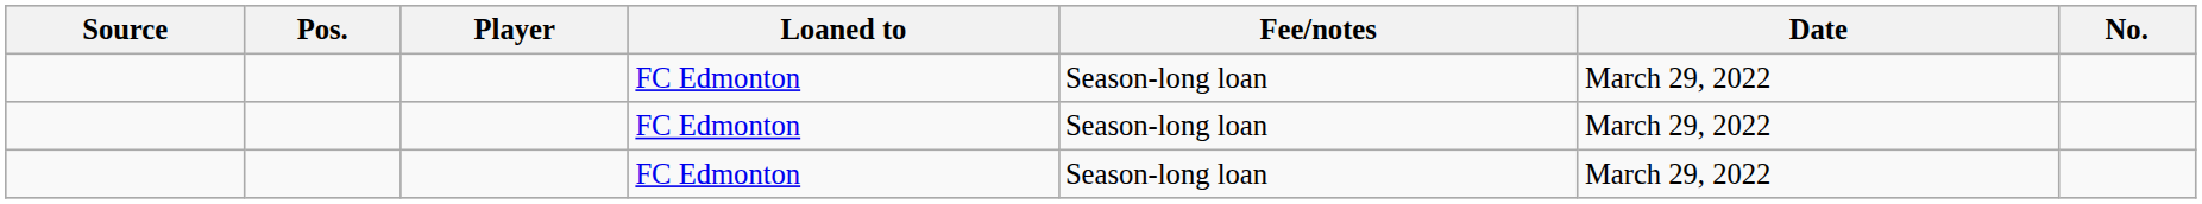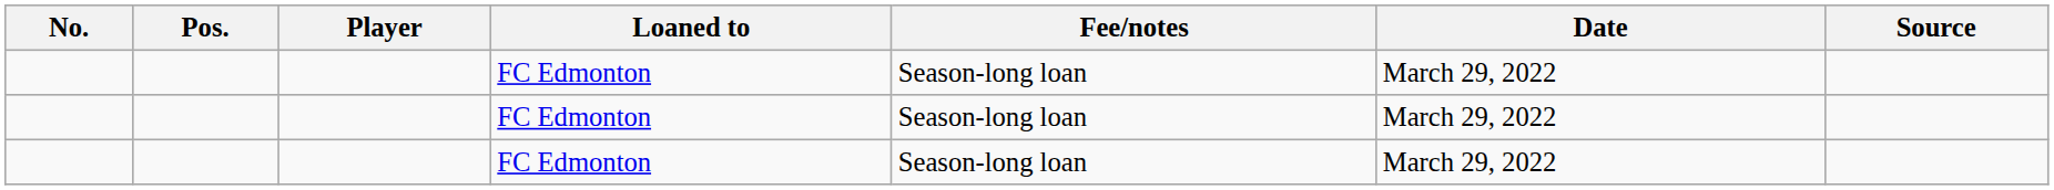 <table class="wikitable sortable" style="width:90%; text-align:center; font-size:95%; text-align:left;">
 <tr>
-<th>Source</th>
+<th>No.</th>
 <th>Pos.</th>
 <th>Player</th>
 <th>Loaned to</th>
 <th>Fee/notes</th>
 <th>Date</th>
-<th>No.</th>
+<th>Source</th>
 </tr>
 <tr>
-<td></td>
+<td align=center></td>
 <td align=center></td>
 <td></td>
 <td> <a href='#'>FC Edmonton</a></td>
 <td>Season-long loan</td>
 <td>March 29, 2022</td>
-<td align=center></td>
+<td></td>
 </tr>
 <tr>
-<td></td>
+<td align=center></td>
 <td align=center></td>
 <td></td>
 <td> <a href='#'>FC Edmonton</a></td>
 <td>Season-long loan</td>
 <td>March 29, 2022</td>
-<td align=center></td>
+<td></td>
 </tr>
 <tr>
-<td></td>
+<td align=center></td>
 <td align=center></td>
 <td></td>
 <td> <a href='#'>FC Edmonton</a></td>
 <td>Season-long loan</td>
 <td>March 29, 2022</td>
-<td align=center></td>
+<td></td>
 </tr>
 </table>
